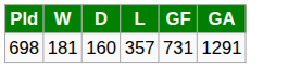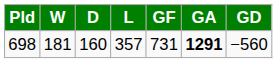 <table class="wikitable" style="text-align:center;">
 <tr>
 <th style="background-color:#008000; color:white; ">Pld</th>
 <th style="background-color:#008000; color:white; ">W</th>
 <th style="background-color:#008000; color:white; ">D</th>
 <th style="background-color:#008000; color:white; ">L</th>
 <th style="background-color:#008000; color:white; ">GF</th>
 <th style="background-color:#008000; color:white; ">GA</th>
+<th style="background-color:#008000; color:white; ">GD</th>
 </tr>
 <tr>
 <td>698</td>
 <td>181</td>
 <td>160</td>
 <td>357</td>
 <td>731</td>
-<td>1291</td>
+<td><strong>1291</strong></td>
+<td>−560</td>
 </tr>
 </table>
